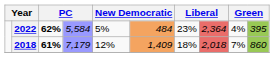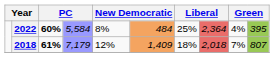 <table class="wikitable" style="float:right; width:400; font-size:90%; margin-left:1em;">
 <tr>
 <th colspan="2" scope="col">Year</th>
 <th colspan="2" scope="col"><a href='#'>PC</a></th>
 <th colspan="2" scope="col"><a href='#'>New Democratic</a></th>
 <th colspan="2" scope="col"><a href='#'>Liberal</a></th>
 <th colspan="2" scope="col"><a href='#'>Green</a></th>
 </tr>
 <tr>
 <td rowspan="2" style="width: 0.25em; background-color: "></td>
 <th><a href='#'>2022</a></th>
-<td><strong>62%</strong></td>
+<td><strong>60%</strong></td>
 <td style="text-align:right; background:#9999FF;"><em>5,584</em></td>
-<td>5%</td>
+<td>8%</td>
 <td style="text-align:right; background:#F4A460;"><em>484</em></td>
-<td>23%</td>
+<td>25%</td>
 <td style="text-align:right; background:#EA6D6A;"><em>2,364</em></td>
 <td>4%</td>
 <td style="text-align:right; background:#99C955;"><em>395</em></td>
 </tr>
 <tr>
 <th><a href='#'>2018</a></th>
 <td><strong>61%</strong></td>
 <td style="text-align:right; background:#9999FF;"><em>7,179</em></td>
 <td>12%</td>
 <td style="text-align:right; background:#F4A460;"><em>1,409</em></td>
 <td>18%</td>
 <td style="text-align:right; background:#EA6D6A;"><em>2,018</em></td>
 <td>7%</td>
-<td style="text-align:right; background:#99C955;"><em>860</em></td>
+<td style="text-align:right; background:#99C955;"><em>807</em></td>
 </tr>
 <tr>
 </tr>
 </table>
